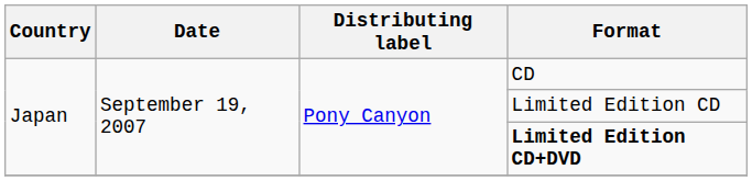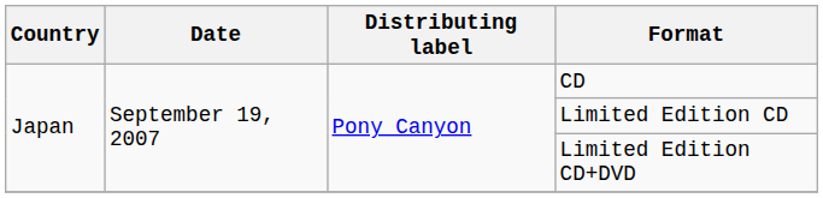 <table class="wikitable" style="width:500px">
 <tr>
 <th>Country</th>
 <th>Date</th>
 <th>Distributing label</th>
 <th>Format</th>
 </tr>
 <tr>
 <td rowspan=3>Japan</td>
 <td rowspan=3>September 19, 2007</td>
 <td rowspan=3><a href='#'>Pony Canyon</a></td>
 <td>CD</td>
 </tr>
 <tr>
 <td>Limited Edition CD </td>
 </tr>
 <tr>
-<td><strong>Limited Edition CD+DVD</strong></td>
+<td>Limited Edition CD+DVD</td>
 </tr>
 <tr>
 </tr>
 </table>
